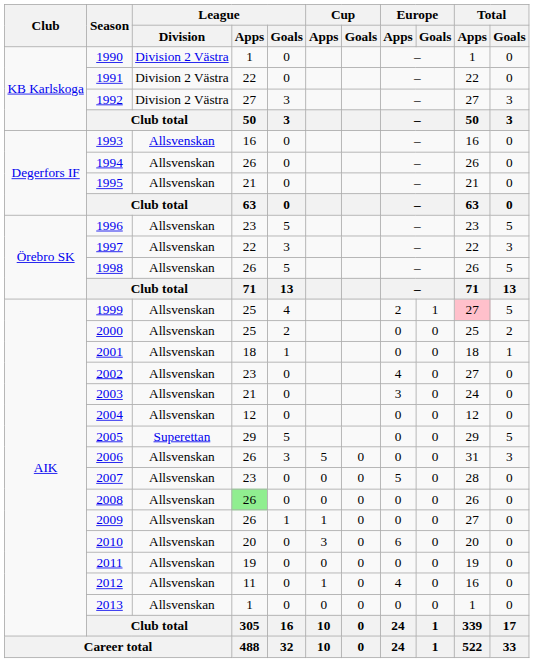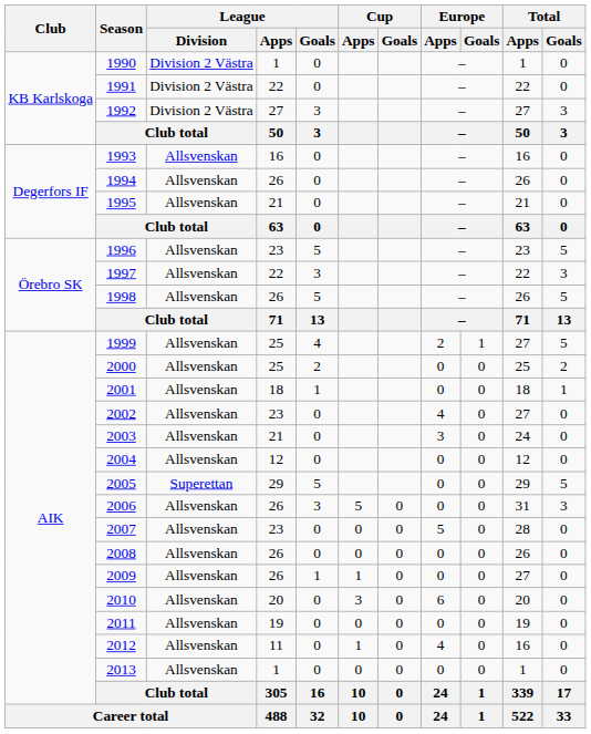 <table class="wikitable" style="text-align: center;">
 <tr>
 <th rowspan="2">Club</th>
 <th rowspan="2">Season</th>
 <th colspan="3">League</th>
 <th colspan="2">Cup</th>
 <th colspan="2">Europe</th>
 <th colspan="2">Total</th>
 </tr>
 <tr>
 <th>Division</th>
 <th>Apps</th>
 <th>Goals</th>
 <th>Apps</th>
 <th>Goals</th>
 <th>Apps</th>
 <th>Goals</th>
 <th>Apps</th>
 <th>Goals</th>
 </tr>
 <tr>
 <td rowspan="4" valign="center"><a href='#'>KB Karlskoga</a></td>
 <td><a href='#'>1990</a></td>
 <td valign="center"><a href='#'>Division 2 Västra</a></td>
 <td>1</td>
 <td>0</td>
 <td></td>
 <td></td>
 <td colspan="2">–</td>
 <td>1</td>
 <td>0</td>
 </tr>
 <tr>
 <td><a href='#'>1991</a></td>
 <td>Division 2 Västra</td>
 <td>22</td>
 <td>0</td>
 <td></td>
 <td></td>
 <td colspan="2">–</td>
 <td>22</td>
 <td>0</td>
 </tr>
 <tr>
 <td><a href='#'>1992</a></td>
 <td>Division 2 Västra</td>
 <td>27</td>
 <td>3</td>
 <td></td>
 <td></td>
 <td colspan="2">–</td>
 <td>27</td>
 <td>3</td>
 </tr>
 <tr>
 <th colspan="2">Club total</th>
 <th>50</th>
 <th>3</th>
 <th></th>
 <th></th>
 <th colspan="2">–</th>
 <th>50</th>
 <th>3</th>
 </tr>
 <tr>
 <td rowspan="4" valign="center"><a href='#'>Degerfors IF</a></td>
 <td><a href='#'>1993</a></td>
 <td valign="center"><a href='#'>Allsvenskan</a></td>
 <td>16</td>
 <td>0</td>
 <td></td>
 <td></td>
 <td colspan="2">–</td>
 <td>16</td>
 <td>0</td>
 </tr>
 <tr>
 <td><a href='#'>1994</a></td>
 <td>Allsvenskan</td>
 <td>26</td>
 <td>0</td>
 <td></td>
 <td></td>
 <td colspan="2">–</td>
 <td>26</td>
 <td>0</td>
 </tr>
 <tr>
 <td><a href='#'>1995</a></td>
 <td>Allsvenskan</td>
 <td>21</td>
 <td>0</td>
 <td></td>
 <td></td>
 <td colspan="2">–</td>
 <td>21</td>
 <td>0</td>
 </tr>
 <tr>
 <th colspan="2">Club total</th>
 <th>63</th>
 <th>0</th>
 <th></th>
 <th></th>
 <th colspan="2">–</th>
 <th>63</th>
 <th>0</th>
 </tr>
 <tr>
 <td rowspan="4" valign="center"><a href='#'>Örebro SK</a></td>
 <td><a href='#'>1996</a></td>
 <td>Allsvenskan</td>
 <td>23</td>
 <td>5</td>
 <td></td>
 <td></td>
 <td colspan="2">–</td>
 <td>23</td>
 <td>5</td>
 </tr>
 <tr>
 <td><a href='#'>1997</a></td>
 <td>Allsvenskan</td>
 <td>22</td>
 <td>3</td>
 <td></td>
 <td></td>
 <td colspan="2">–</td>
 <td>22</td>
 <td>3</td>
 </tr>
 <tr>
 <td><a href='#'>1998</a></td>
 <td>Allsvenskan</td>
 <td>26</td>
 <td>5</td>
 <td></td>
 <td></td>
 <td colspan="2">–</td>
 <td>26</td>
 <td>5</td>
 </tr>
 <tr>
 <th colspan="2">Club total</th>
 <th>71</th>
 <th>13</th>
 <th></th>
 <th></th>
 <th colspan="2">–</th>
 <th>71</th>
 <th>13</th>
 </tr>
 <tr>
 <td rowspan="16" valign="center"><a href='#'>AIK</a></td>
 <td><a href='#'>1999</a></td>
 <td>Allsvenskan</td>
 <td>25</td>
 <td>4</td>
 <td></td>
 <td></td>
 <td>2</td>
 <td>1</td>
-<td style="background: pink;">27</td>
+<td>27</td>
 <td>5</td>
 </tr>
 <tr>
 <td><a href='#'>2000</a></td>
 <td>Allsvenskan</td>
 <td>25</td>
 <td>2</td>
 <td></td>
 <td></td>
 <td>0</td>
 <td>0</td>
 <td>25</td>
 <td>2</td>
 </tr>
 <tr>
 <td><a href='#'>2001</a></td>
 <td>Allsvenskan</td>
 <td>18</td>
 <td>1</td>
 <td></td>
 <td></td>
 <td>0</td>
 <td>0</td>
 <td>18</td>
 <td>1</td>
 </tr>
 <tr>
 <td><a href='#'>2002</a></td>
 <td>Allsvenskan</td>
 <td>23</td>
 <td>0</td>
 <td></td>
 <td></td>
 <td>4</td>
 <td>0</td>
 <td>27</td>
 <td>0</td>
 </tr>
 <tr>
 <td><a href='#'>2003</a></td>
 <td>Allsvenskan</td>
 <td>21</td>
 <td>0</td>
 <td></td>
 <td></td>
 <td>3</td>
 <td>0</td>
 <td>24</td>
 <td>0</td>
 </tr>
 <tr>
 <td><a href='#'>2004</a></td>
 <td>Allsvenskan</td>
 <td>12</td>
 <td>0</td>
 <td></td>
 <td></td>
 <td>0</td>
 <td>0</td>
 <td>12</td>
 <td>0</td>
 </tr>
 <tr>
 <td><a href='#'>2005</a></td>
 <td><a href='#'>Superettan</a></td>
 <td>29</td>
 <td>5</td>
 <td></td>
 <td></td>
 <td>0</td>
 <td>0</td>
 <td>29</td>
 <td>5</td>
 </tr>
 <tr>
 <td><a href='#'>2006</a></td>
 <td valign="center">Allsvenskan</td>
 <td>26</td>
 <td>3</td>
 <td>5</td>
 <td>0</td>
 <td>0</td>
 <td>0</td>
 <td>31</td>
 <td>3</td>
 </tr>
 <tr>
 <td><a href='#'>2007</a></td>
 <td>Allsvenskan</td>
 <td>23</td>
 <td>0</td>
 <td>0</td>
 <td>0</td>
 <td>5</td>
 <td>0</td>
 <td>28</td>
 <td>0</td>
 </tr>
 <tr>
 <td><a href='#'>2008</a></td>
 <td>Allsvenskan</td>
-<td style="background: lightgreen;">26</td>
+<td>26</td>
 <td>0</td>
 <td>0</td>
 <td>0</td>
 <td>0</td>
 <td>0</td>
 <td>26</td>
 <td>0</td>
 </tr>
 <tr>
 <td><a href='#'>2009</a></td>
 <td>Allsvenskan</td>
 <td>26</td>
 <td>1</td>
 <td>1</td>
 <td>0</td>
 <td>0</td>
 <td>0</td>
 <td>27</td>
 <td>0</td>
 </tr>
 <tr>
 <td><a href='#'>2010</a></td>
 <td>Allsvenskan</td>
 <td>20</td>
 <td>0</td>
 <td>3</td>
 <td>0</td>
 <td>6</td>
 <td>0</td>
 <td>20</td>
 <td>0</td>
 </tr>
 <tr>
 <td><a href='#'>2011</a></td>
 <td>Allsvenskan</td>
 <td>19</td>
 <td>0</td>
 <td>0</td>
 <td>0</td>
 <td>0</td>
 <td>0</td>
 <td>19</td>
 <td>0</td>
 </tr>
 <tr>
 <td><a href='#'>2012</a></td>
 <td>Allsvenskan</td>
 <td>11</td>
 <td>0</td>
 <td>1</td>
 <td>0</td>
 <td>4</td>
 <td>0</td>
 <td>16</td>
 <td>0</td>
 </tr>
 <tr>
 <td><a href='#'>2013</a></td>
 <td>Allsvenskan</td>
 <td>1</td>
 <td>0</td>
 <td>0</td>
 <td>0</td>
 <td>0</td>
 <td>0</td>
 <td>1</td>
 <td>0</td>
 </tr>
 <tr>
 <th colspan="2">Club total</th>
 <th>305</th>
 <th>16</th>
 <th>10</th>
 <th>0</th>
 <th>24</th>
 <th>1</th>
 <th>339</th>
 <th>17</th>
 </tr>
 <tr>
 <th colspan="3">Career total</th>
 <th>488</th>
 <th>32</th>
 <th>10</th>
 <th>0</th>
 <th>24</th>
 <th>1</th>
 <th>522</th>
 <th>33</th>
 </tr>
 </table>
